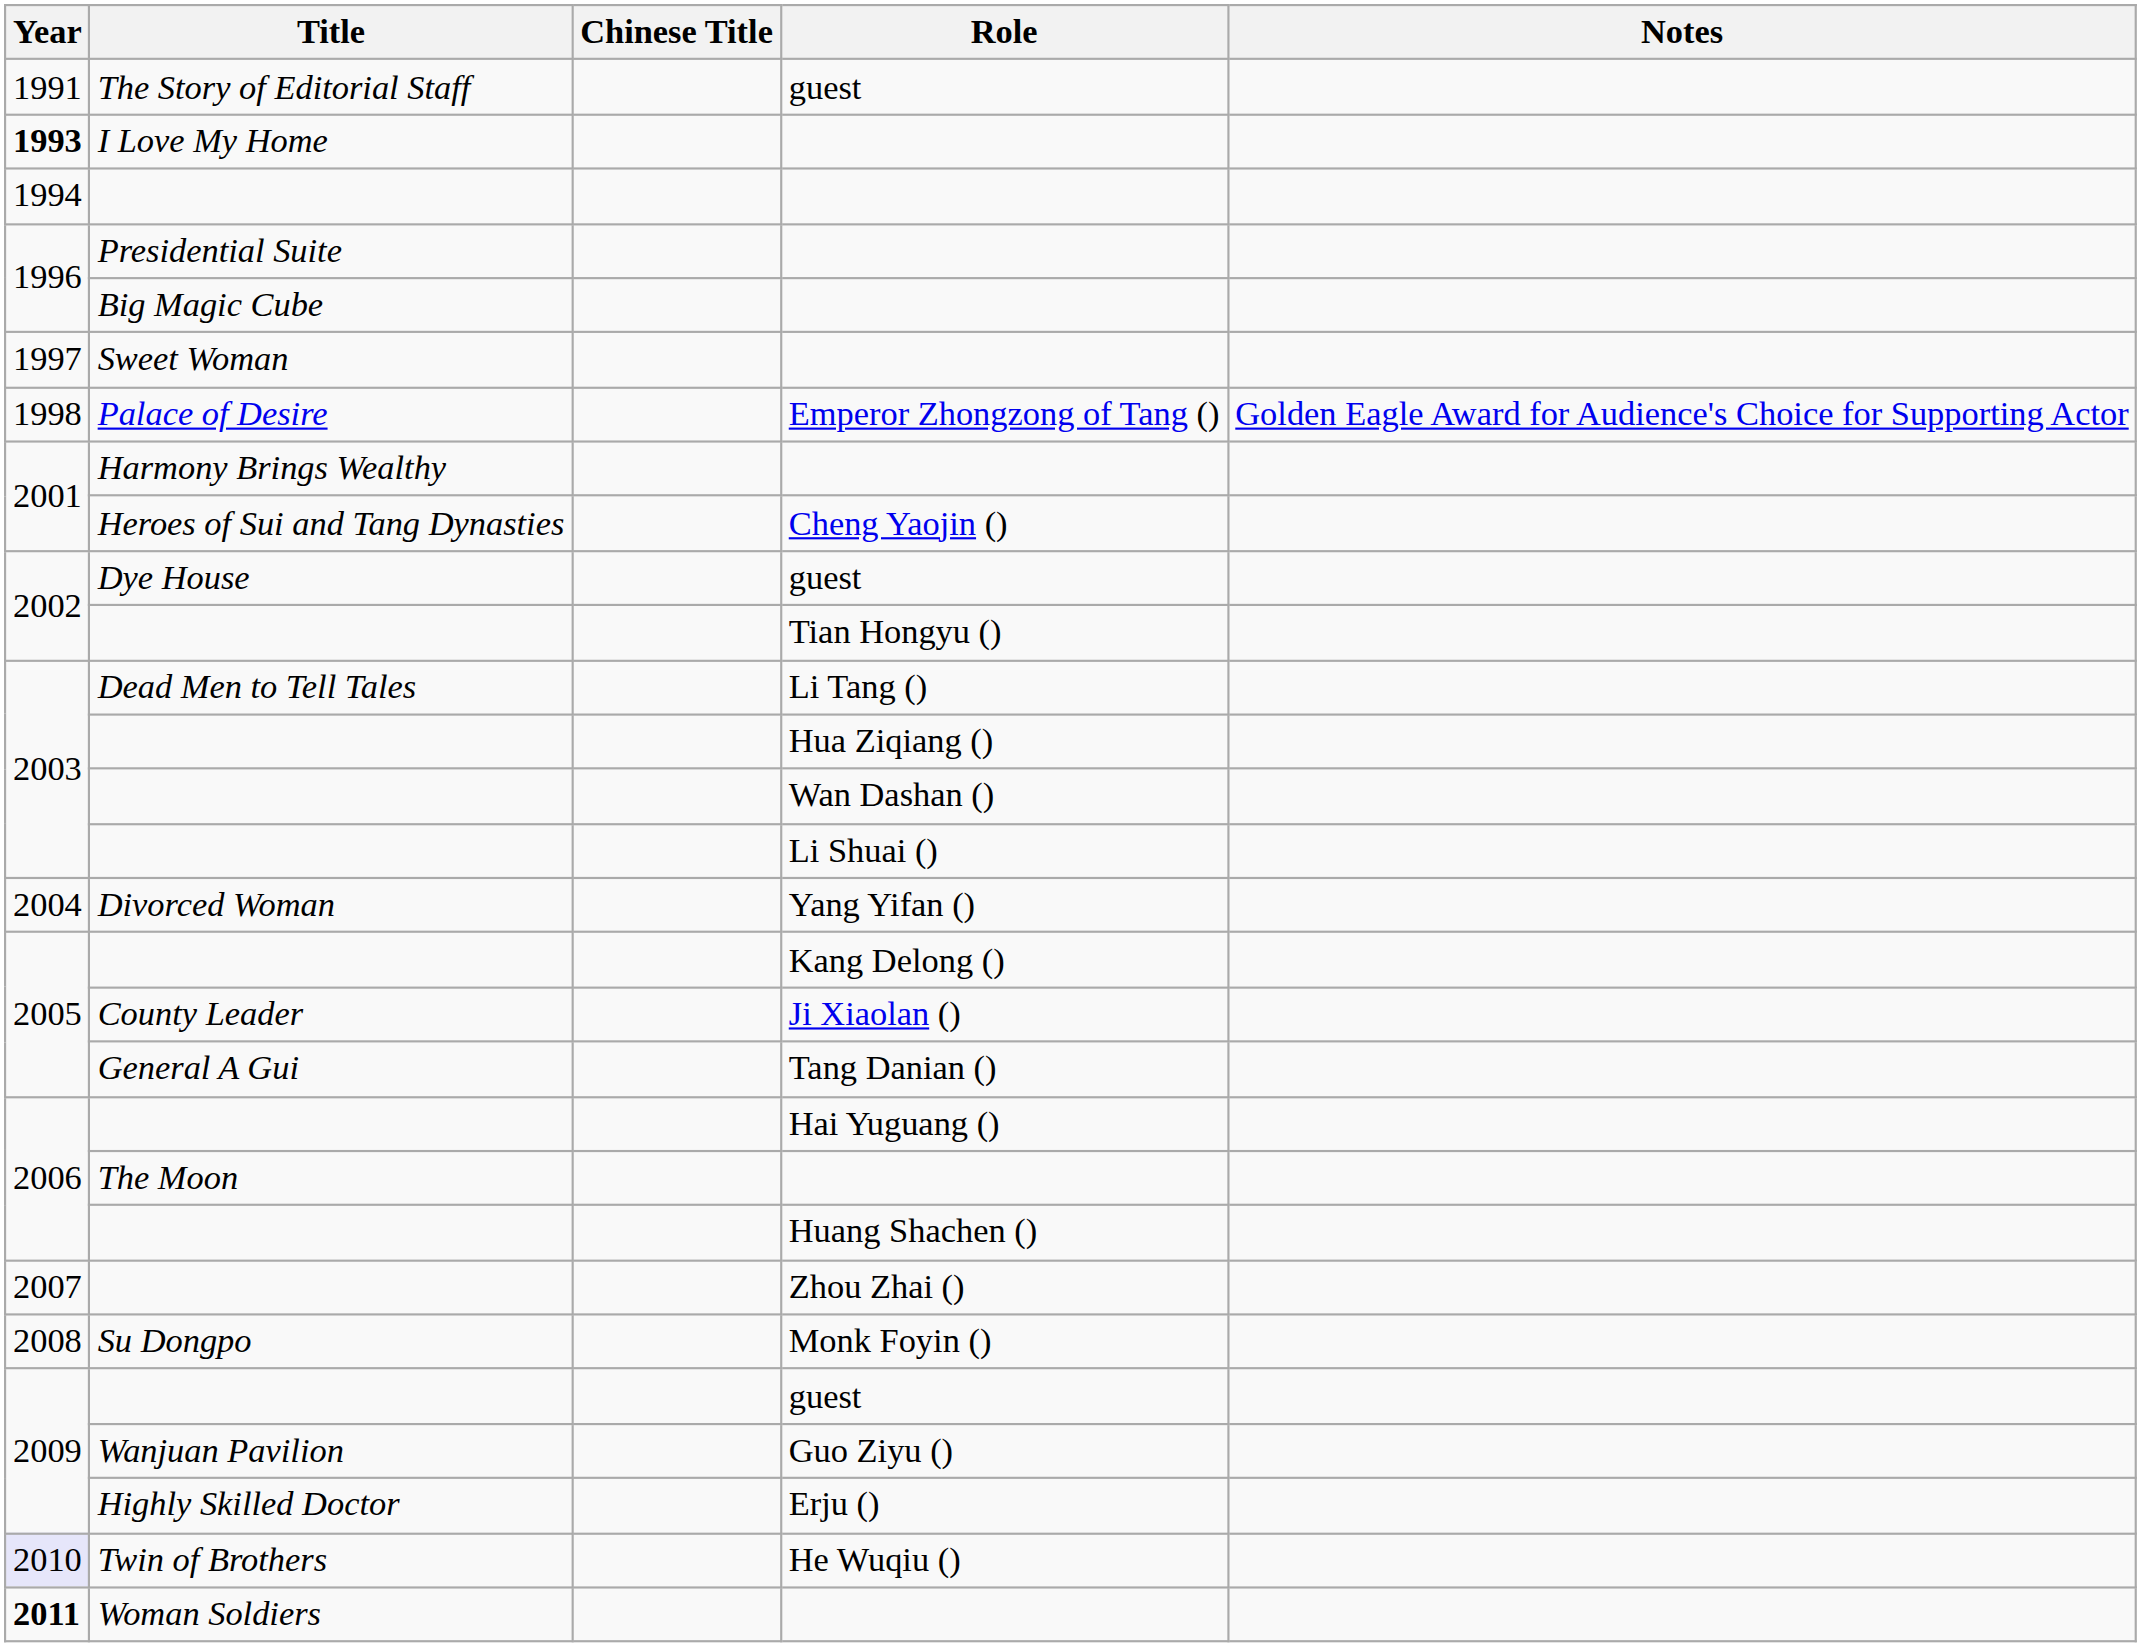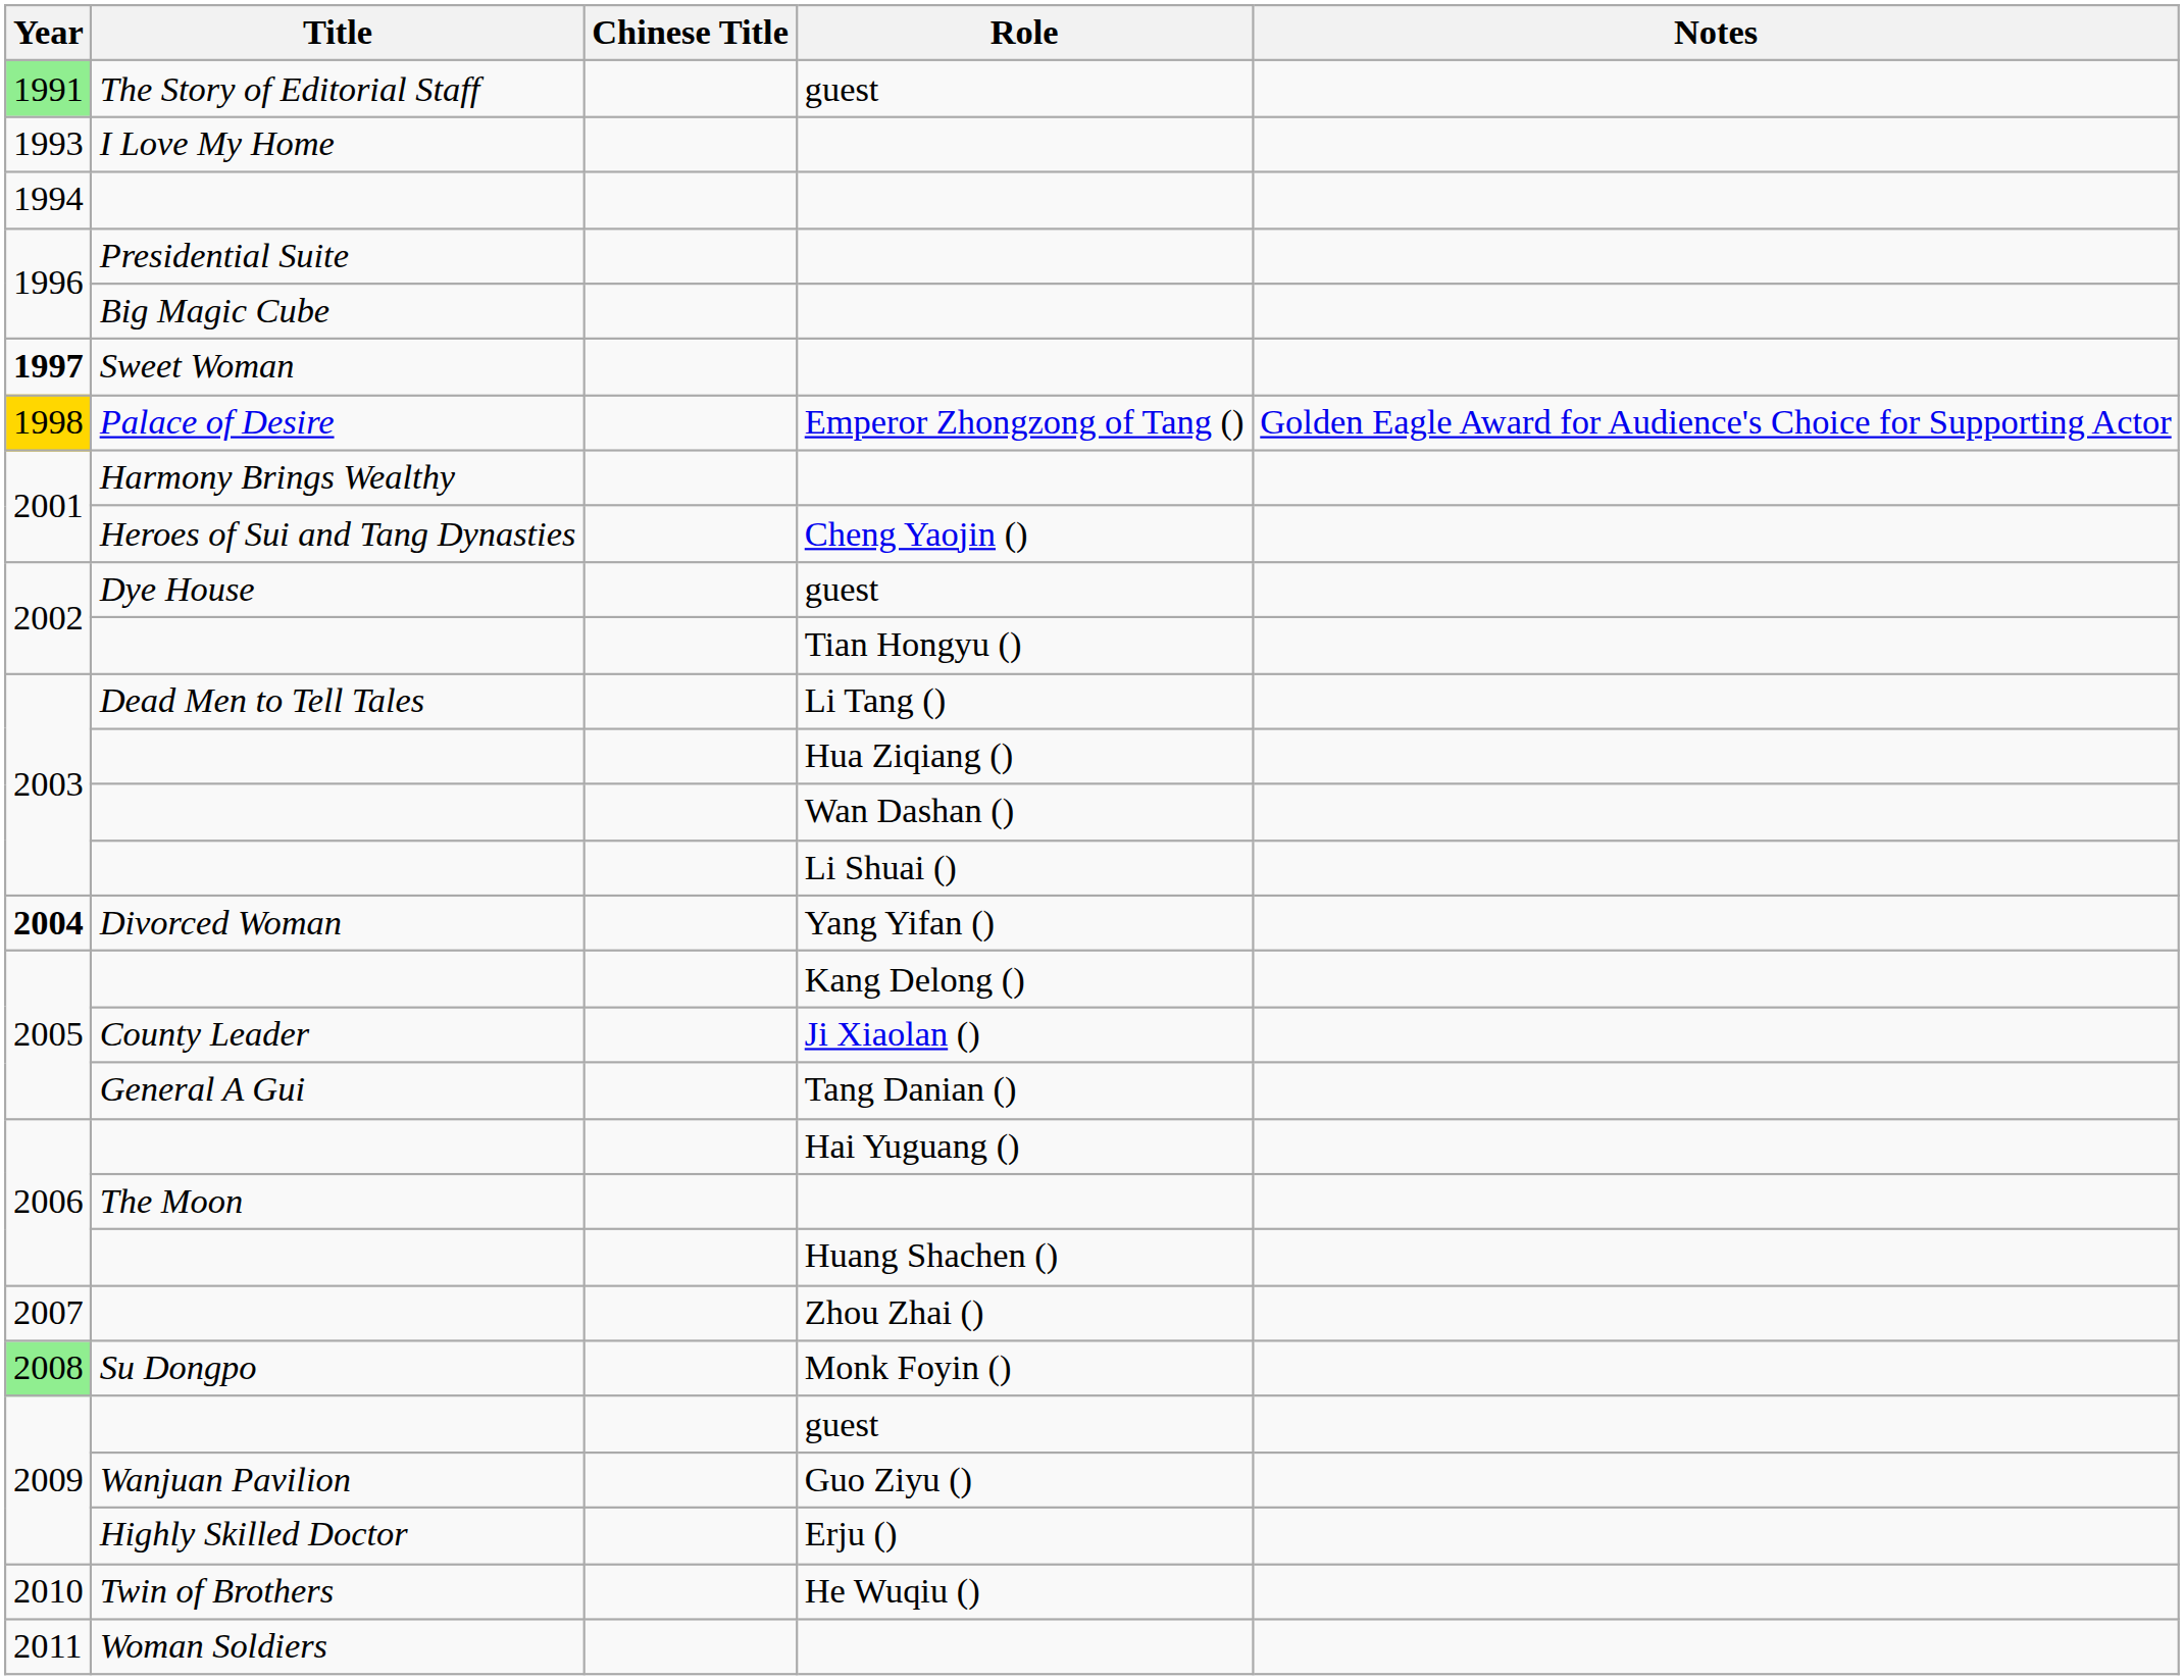 <table class="wikitable">
 <tr>
 <th>Year</th>
 <th>Title</th>
 <th>Chinese Title</th>
 <th>Role</th>
 <th>Notes</th>
 </tr>
 <tr>
-<td>1991</td>
+<td style="background: lightgreen;">1991</td>
 <td><em>The Story of Editorial Staff</em></td>
 <td></td>
 <td>guest</td>
 <td></td>
 </tr>
 <tr>
-<td><strong>1993</strong></td>
+<td>1993</td>
 <td><em>I Love My Home</em></td>
 <td></td>
 <td></td>
 <td></td>
 </tr>
 <tr>
 <td>1994</td>
 <td></td>
 <td></td>
 <td></td>
 <td></td>
 </tr>
 <tr>
 <td rowspan="2">1996</td>
 <td><em>Presidential Suite</em></td>
 <td></td>
 <td></td>
 <td></td>
 </tr>
 <tr>
 <td><em>Big Magic Cube</em></td>
 <td></td>
 <td></td>
 <td></td>
 </tr>
 <tr>
-<td>1997</td>
+<td><strong>1997</strong></td>
 <td><em>Sweet Woman</em></td>
 <td></td>
 <td></td>
 <td></td>
 </tr>
 <tr>
-<td>1998</td>
+<td style="background: gold;">1998</td>
 <td><em><a href='#'>Palace of Desire</a></em></td>
 <td></td>
 <td><a href='#'>Emperor Zhongzong of Tang</a> ()</td>
 <td><a href='#'>Golden Eagle Award for Audience's Choice for Supporting Actor</a></td>
 </tr>
 <tr>
 <td rowspan="2">2001</td>
 <td><em>Harmony Brings Wealthy</em></td>
 <td></td>
 <td></td>
 <td></td>
 </tr>
 <tr>
 <td><em>Heroes of Sui and Tang Dynasties</em></td>
 <td></td>
 <td><a href='#'>Cheng Yaojin</a> ()</td>
 <td></td>
 </tr>
 <tr>
 <td rowspan="2">2002</td>
 <td><em>Dye House</em></td>
 <td></td>
 <td>guest</td>
 <td></td>
 </tr>
 <tr>
 <td></td>
 <td></td>
 <td>Tian Hongyu ()</td>
 <td></td>
 </tr>
 <tr>
 <td rowspan="4">2003</td>
 <td><em>Dead Men to Tell Tales</em></td>
 <td></td>
 <td>Li Tang ()</td>
 <td></td>
 </tr>
 <tr>
 <td></td>
 <td></td>
 <td>Hua Ziqiang ()</td>
 <td></td>
 </tr>
 <tr>
 <td></td>
 <td></td>
 <td>Wan Dashan ()</td>
 <td></td>
 </tr>
 <tr>
 <td></td>
 <td></td>
 <td>Li Shuai ()</td>
 <td></td>
 </tr>
 <tr>
-<td>2004</td>
+<td><strong>2004</strong></td>
 <td><em>Divorced Woman</em></td>
 <td></td>
 <td>Yang Yifan ()</td>
 <td></td>
 </tr>
 <tr>
 <td rowspan="3">2005</td>
 <td></td>
 <td></td>
 <td>Kang Delong ()</td>
 <td></td>
 </tr>
 <tr>
 <td><em>County Leader</em></td>
 <td></td>
 <td><a href='#'>Ji Xiaolan</a> ()</td>
 <td></td>
 </tr>
 <tr>
 <td><em>General A Gui</em></td>
 <td></td>
 <td>Tang Danian ()</td>
 <td></td>
 </tr>
 <tr>
 <td rowspan="3">2006</td>
 <td></td>
 <td></td>
 <td>Hai Yuguang ()</td>
 <td></td>
 </tr>
 <tr>
 <td><em>The Moon</em></td>
 <td></td>
 <td></td>
 <td></td>
 </tr>
 <tr>
 <td></td>
 <td></td>
 <td>Huang Shachen ()</td>
 <td></td>
 </tr>
 <tr>
 <td>2007</td>
 <td></td>
 <td></td>
 <td>Zhou Zhai ()</td>
 <td></td>
 </tr>
 <tr>
-<td>2008</td>
+<td style="background: lightgreen;">2008</td>
 <td><em>Su Dongpo</em></td>
 <td></td>
 <td>Monk Foyin ()</td>
 <td></td>
 </tr>
 <tr>
 <td rowspan="3">2009</td>
 <td></td>
 <td></td>
 <td>guest</td>
 <td></td>
 </tr>
 <tr>
 <td><em>Wanjuan Pavilion</em></td>
 <td></td>
 <td>Guo Ziyu ()</td>
 <td></td>
 </tr>
 <tr>
 <td><em>Highly Skilled Doctor</em></td>
 <td></td>
 <td>Erju ()</td>
 <td></td>
 </tr>
 <tr>
-<td style="background: lavender;">2010</td>
+<td>2010</td>
 <td><em>Twin of Brothers</em></td>
 <td></td>
 <td>He Wuqiu ()</td>
 <td></td>
 </tr>
 <tr>
-<td><strong>2011</strong></td>
+<td>2011</td>
 <td><em>Woman Soldiers</em></td>
 <td></td>
 <td></td>
 <td></td>
 </tr>
 </table>
